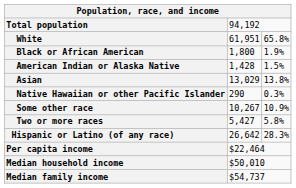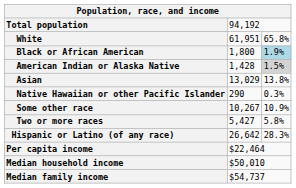 <table class="wikitable collapsible collapsed">
 <tr>
 <th colspan=6>Population, race, and income</th>
 </tr>
 <tr>
 <th scope="row" style="text-align: left;">Total population</th>
 <td colspan=2>94,192</td>
 </tr>
 <tr>
 <th scope="row" style="text-align: left;">  White</th>
 <td>61,951</td>
 <td>65.8%</td>
 </tr>
 <tr>
 <th scope="row" style="text-align: left;">  Black or African American</th>
 <td>1,800</td>
-<td>1.9%</td>
+<td style="background: lightblue;">1.9%</td>
 </tr>
 <tr>
 <th scope="row" style="text-align: left;">  American Indian or Alaska Native</th>
 <td>1,428</td>
-<td>1.5%</td>
+<td style="background: lightgrey;">1.5%</td>
 </tr>
 <tr>
 <th scope="row" style="text-align: left;">  Asian</th>
 <td>13,029</td>
 <td>13.8%</td>
 </tr>
 <tr>
 <th scope="row" style="text-align: left;">  Native Hawaiian or other Pacific Islander</th>
 <td>290</td>
 <td>0.3%</td>
 </tr>
 <tr>
 <th scope="row" style="text-align: left;">  Some other race</th>
 <td>10,267</td>
 <td>10.9%</td>
 </tr>
 <tr>
 <th scope="row" style="text-align: left;">  Two or more races</th>
 <td>5,427</td>
 <td>5.8%</td>
 </tr>
 <tr>
 <th scope="row" style="text-align: left;"> Hispanic or Latino (of any race)</th>
 <td>26,642</td>
 <td>28.3%</td>
 </tr>
 <tr>
 <th scope="row" style="text-align: left;">Per capita income</th>
 <td colspan=2>$22,464</td>
 </tr>
 <tr>
 <th scope="row" style="text-align: left;">Median household income</th>
 <td colspan=2>$50,010</td>
 </tr>
 <tr>
 <th scope="row" style="text-align: left;">Median family income</th>
 <td colspan=2>$54,737</td>
 </tr>
 </table>
